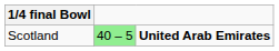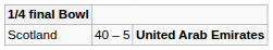 <table class=wikitable>
 <tr>
 <th>1/4 final Bowl</th>
 </tr>
 <tr>
 <td>Scotland</td>
-<td style="background: lightgreen;">40 – 5</td>
+<td>40 – 5</td>
 <td><strong>United Arab Emirates</strong></td>
 </tr>
 </table>
